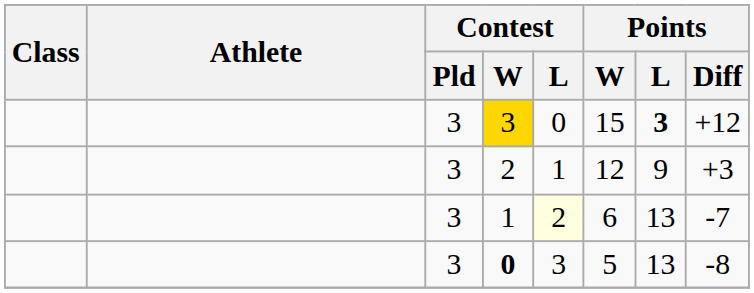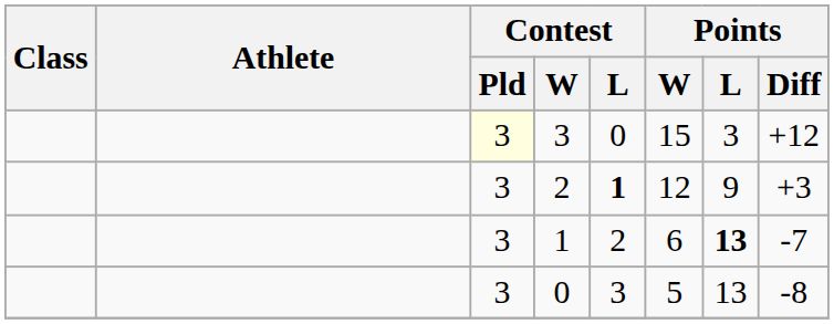 <table class=wikitable style="text-align:center">
 <tr>
 <th rowspan=2>Class</th>
 <th width=175 rowspan=2>Athlete</th>
 <th colspan=3>Contest</th>
 <th colspan=3>Points</th>
 </tr>
 <tr>
 <th width=20>Pld</th>
 <th width=20>W</th>
 <th width=20>L</th>
 <th width=20>W</th>
 <th width=20>L</th>
 <th width=20>Diff</th>
 </tr>
 <tr>
 <td></td>
 <td style="text-align:left"></td>
+<td style="background: lightyellow;">3</td>
 <td>3</td>
-<td style="background: gold;">3</td>
 <td>0</td>
 <td>15</td>
-<td><strong>3</strong></td>
+<td>3</td>
 <td>+12</td>
 </tr>
 <tr>
 <td></td>
 <td style="text-align:left"></td>
 <td>3</td>
 <td>2</td>
-<td>1</td>
+<td><strong>1</strong></td>
 <td>12</td>
 <td>9</td>
 <td>+3</td>
 </tr>
 <tr>
 <td></td>
 <td style="text-align:left"></td>
 <td>3</td>
 <td>1</td>
-<td style="background: lightyellow;">2</td>
+<td>2</td>
 <td>6</td>
-<td>13</td>
+<td><strong>13</strong></td>
 <td>-7</td>
 </tr>
 <tr>
 <td></td>
 <td style="text-align:left"></td>
 <td>3</td>
-<td><strong>0</strong></td>
+<td>0</td>
 <td>3</td>
 <td>5</td>
 <td>13</td>
 <td>-8</td>
 </tr>
 <tr>
 </tr>
 </table>
